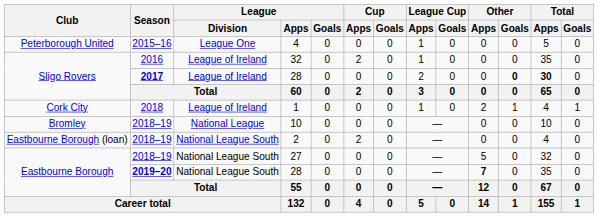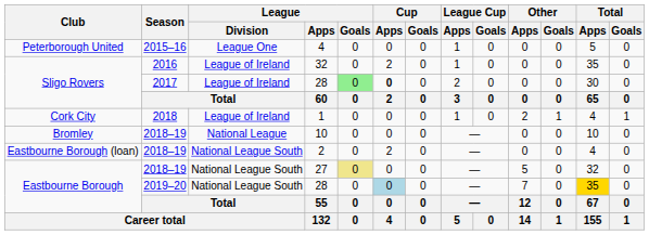 <table class="wikitable" style="text-align: center;">
 <tr>
 <th rowspan="2">Club</th>
 <th rowspan="2">Season</th>
 <th colspan="3">League</th>
 <th colspan="2">Cup</th>
 <th colspan="2">League Cup</th>
 <th colspan="2">Other</th>
 <th colspan="2">Total</th>
 </tr>
 <tr>
 <th>Division</th>
 <th>Apps</th>
 <th>Goals</th>
 <th>Apps</th>
 <th>Goals</th>
 <th>Apps</th>
 <th>Goals</th>
 <th>Apps</th>
 <th>Goals</th>
 <th>Apps</th>
 <th>Goals</th>
 </tr>
 <tr>
 <td rowspan="1"><a href='#'>Peterborough United</a></td>
 <td><a href='#'>2015–16</a></td>
 <td><a href='#'>League One</a></td>
 <td>4</td>
 <td>0</td>
 <td>0</td>
 <td>0</td>
 <td>1</td>
 <td>0</td>
 <td>0</td>
 <td>0</td>
 <td>5</td>
 <td>0</td>
 </tr>
 <tr>
 <td rowspan="3"><a href='#'>Sligo Rovers</a></td>
 <td><a href='#'>2016</a></td>
 <td><a href='#'>League of Ireland</a></td>
 <td>32</td>
 <td>0</td>
 <td>2</td>
 <td>0</td>
 <td>1</td>
 <td>0</td>
 <td>0</td>
 <td>0</td>
 <td>35</td>
 <td>0</td>
 </tr>
 <tr>
-<td><strong><a href='#'>2017</a></strong></td>
+<td><a href='#'>2017</a></td>
 <td><a href='#'>League of Ireland</a></td>
 <td>28</td>
-<td>0</td>
-<td>0</td>
+<td style="background: lightgreen;">0</td>
+<td><strong>0</strong></td>
 <td>0</td>
 <td>2</td>
 <td>0</td>
 <td>0</td>
-<td><strong>0</strong></td>
-<td><strong>30</strong></td>
+<td>0</td>
+<td>30</td>
 <td>0</td>
 </tr>
 <tr>
 <th colspan="2">Total</th>
 <th>60</th>
 <th>0</th>
 <th>2</th>
 <th>0</th>
 <th>3</th>
 <th>0</th>
 <th>0</th>
 <th>0</th>
 <th>65</th>
 <th>0</th>
 </tr>
 <tr>
 <td><a href='#'>Cork City</a></td>
 <td><a href='#'>2018</a></td>
 <td><a href='#'>League of Ireland</a></td>
 <td>1</td>
 <td>0</td>
 <td>0</td>
 <td>0</td>
 <td>1</td>
 <td>0</td>
 <td>2</td>
 <td>1</td>
 <td>4</td>
 <td>1</td>
 </tr>
 <tr>
 <td><a href='#'>Bromley</a></td>
 <td><a href='#'>2018–19</a></td>
 <td><a href='#'>National League</a></td>
 <td>10</td>
 <td>0</td>
 <td>0</td>
 <td>0</td>
 <td colspan=2>—</td>
 <td>0</td>
 <td>0</td>
 <td>10</td>
 <td>0</td>
 </tr>
 <tr>
 <td><a href='#'>Eastbourne Borough</a> (loan)</td>
 <td><a href='#'>2018–19</a></td>
 <td><a href='#'>National League South</a></td>
 <td>2</td>
 <td>0</td>
 <td>2</td>
 <td>0</td>
 <td colspan=2>—</td>
 <td>0</td>
 <td>0</td>
 <td>4</td>
 <td>0</td>
 </tr>
 <tr>
 <td rowspan="3"><a href='#'>Eastbourne Borough</a></td>
 <td><a href='#'>2018–19</a></td>
 <td>National League South</td>
 <td>27</td>
-<td>0</td>
+<td style="background: khaki;">0</td>
 <td>0</td>
 <td>0</td>
 <td colspan=2>—</td>
 <td>5</td>
 <td>0</td>
 <td>32</td>
 <td>0</td>
 </tr>
 <tr>
-<td><strong><a href='#'>2019–20</a></strong></td>
+<td><a href='#'>2019–20</a></td>
 <td>National League South</td>
 <td>28</td>
 <td>0</td>
-<td>0</td>
+<td style="background: lightblue;">0</td>
 <td>0</td>
 <td colspan=2>—</td>
-<td><strong>7</strong></td>
+<td>7</td>
 <td>0</td>
-<td>35</td>
+<td style="background: gold;">35</td>
 <td>0</td>
 </tr>
 <tr>
 <th colspan=2>Total</th>
 <th>55</th>
 <th>0</th>
 <th>0</th>
 <th>0</th>
 <th colspan=2>—</th>
 <th>12</th>
 <th>0</th>
 <th>67</th>
 <th>0</th>
 </tr>
 <tr>
 <th colspan="3">Career total</th>
 <th>132</th>
 <th>0</th>
 <th>4</th>
 <th>0</th>
 <th>5</th>
 <th>0</th>
 <th>14</th>
 <th>1</th>
 <th>155</th>
 <th>1</th>
 </tr>
 </table>
